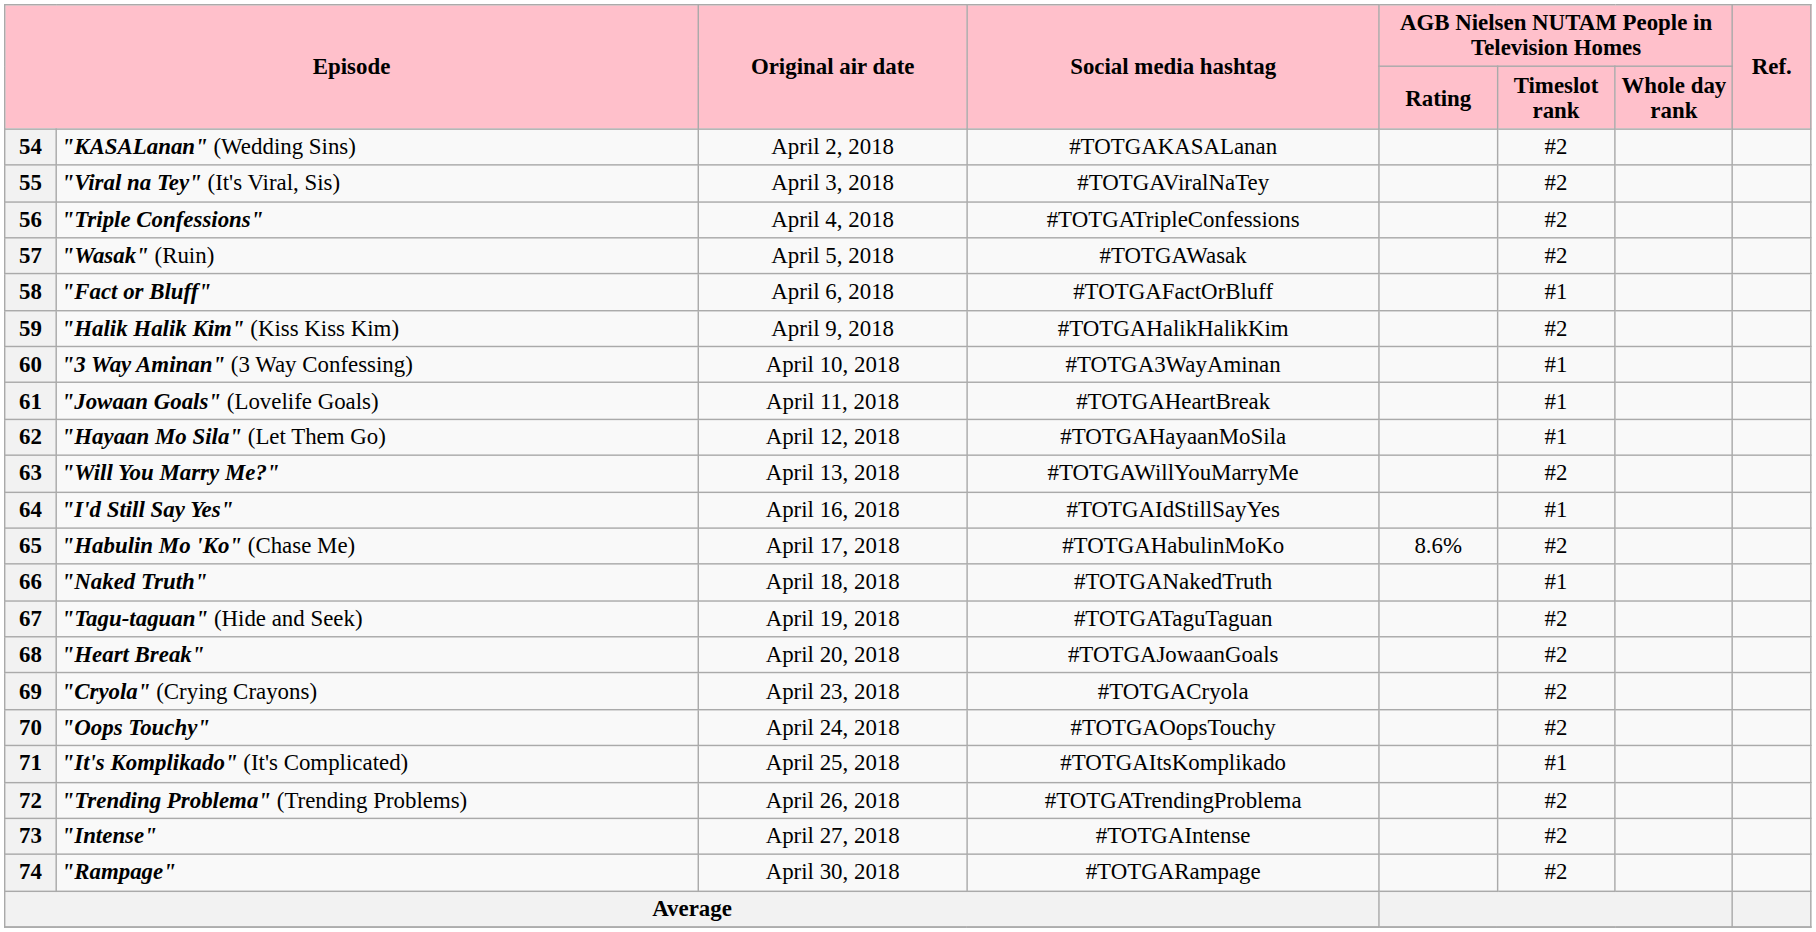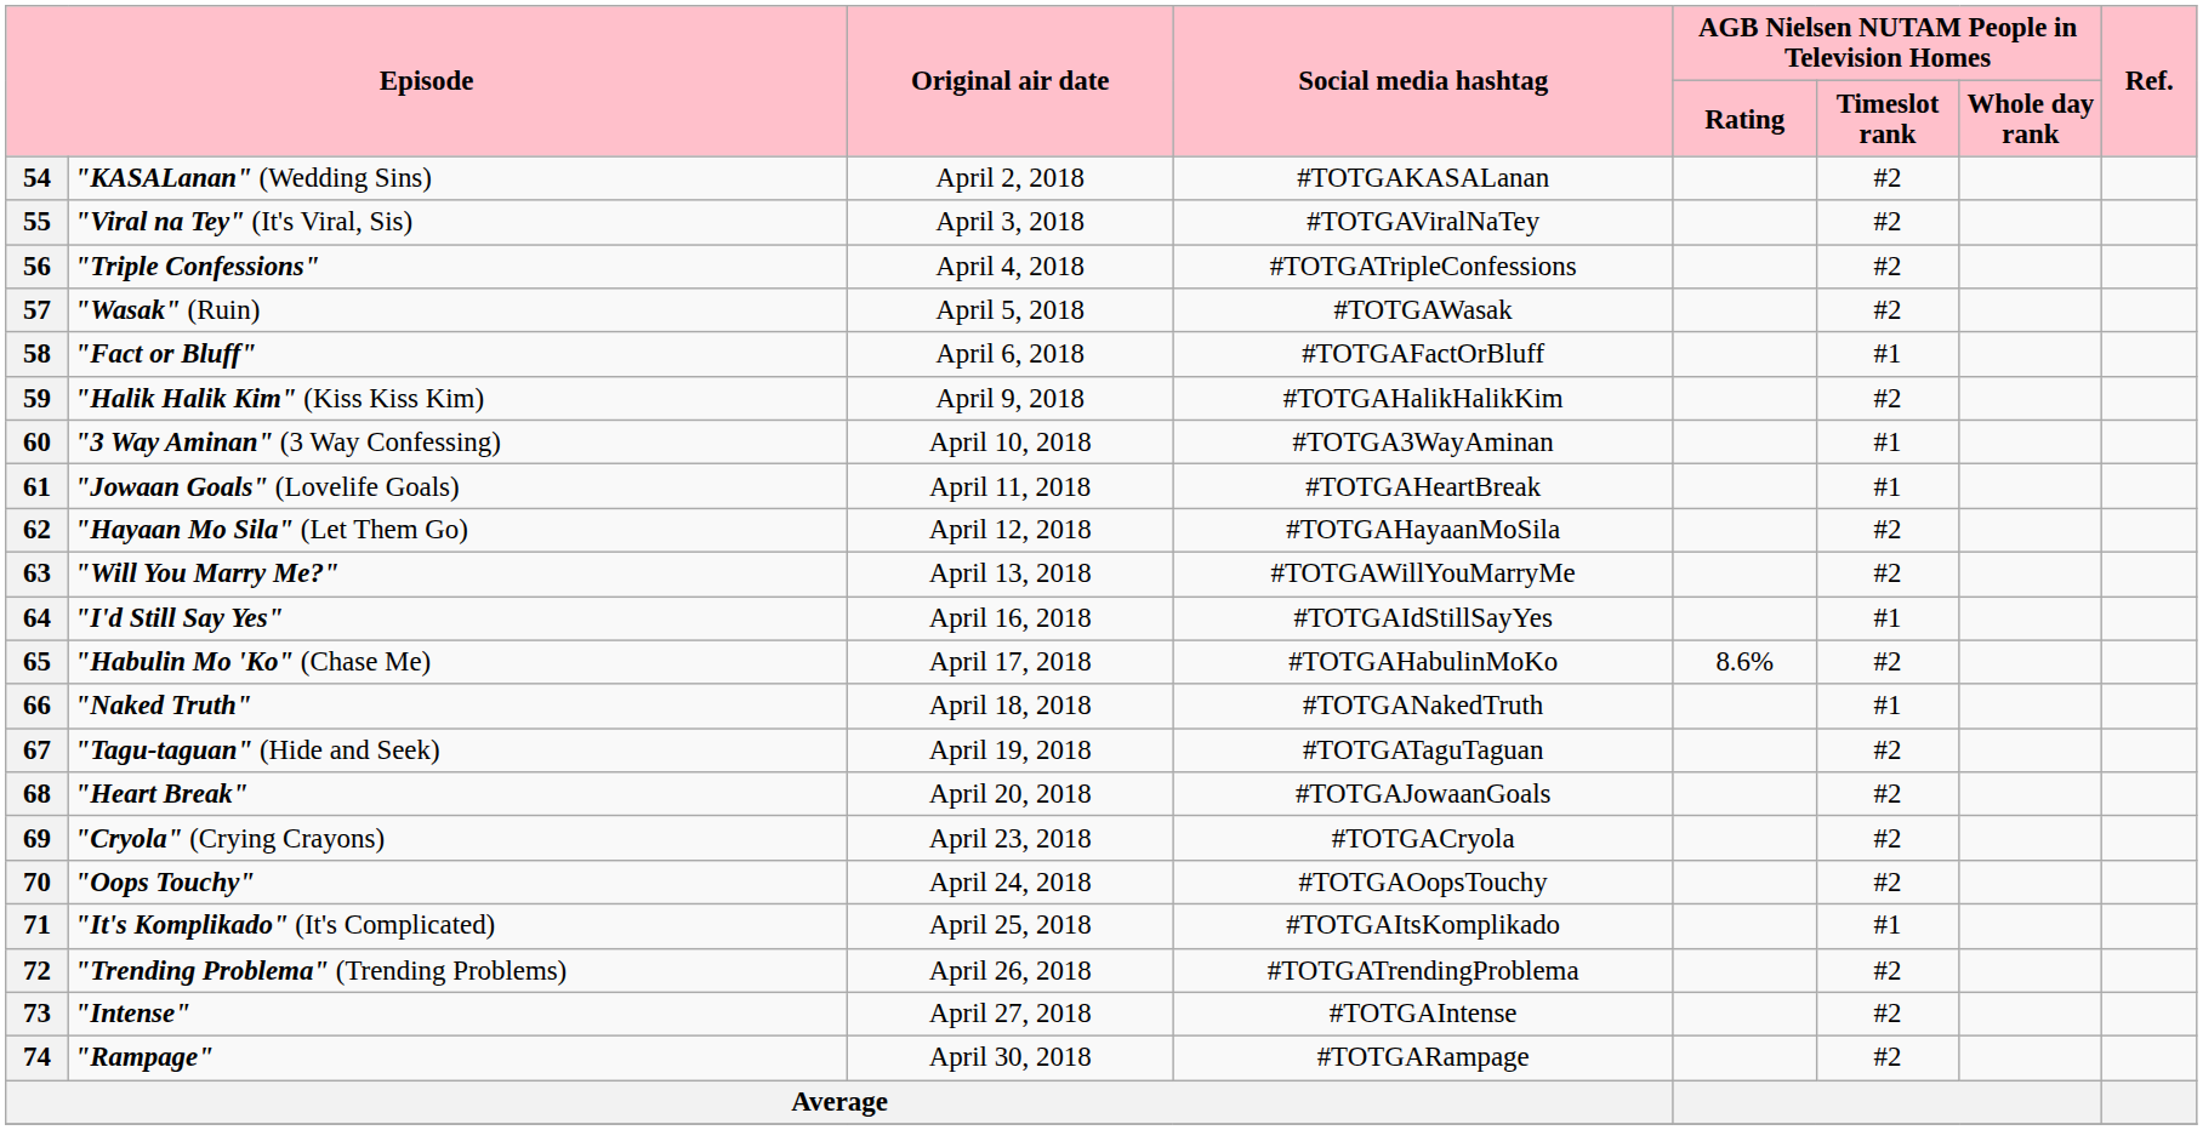 <table class="wikitable" style="text-align:center; font-size:100%; line-height:18px;" width="100%">
 <tr>
 <th style="background-color:#FFC0CB; color:#000000;" colspan="2" rowspan="2">Episode</th>
 <th style="background-color:#FFC0CB; color:black" rowspan="2">Original air date</th>
 <th style="background-color:#FFC0CB; color:black" rowspan="2">Social media hashtag</th>
 <th style="background-color:#FFC0CB; color:#000000;" colspan="3">AGB Nielsen NUTAM People in Television Homes</th>
 <th style="background-color:#FFC0CB; color:#000000;" rowspan="2">Ref.</th>
 </tr>
 <tr>
 <th style="background-color:#FFC0CB; width:75px; color:#000000;">Rating</th>
 <th style="background-color:#FFC0CB; width:75px; color:#000000;">Timeslot<br>rank</th>
 <th style="background-color:#FFC0CB; width:75px; color:#000000;">Whole day<br>rank</th>
 </tr>
 <tr>
 <th>54</th>
 <td style="text-align: left;"><strong><em>"KASALanan"</em></strong> (Wedding Sins)</td>
 <td>April 2, 2018</td>
 <td>#TOTGAKASALanan</td>
 <td></td>
 <td>#2</td>
 <td></td>
 <td></td>
 </tr>
 <tr>
 <th>55</th>
 <td style="text-align: left;"><strong><em>"Viral na Tey"</em></strong> (It's Viral, Sis)</td>
 <td>April 3, 2018</td>
 <td>#TOTGAViralNaTey</td>
 <td></td>
 <td>#2</td>
 <td></td>
 <td></td>
 </tr>
 <tr>
 <th>56</th>
 <td style="text-align: left;"><strong><em>"Triple Confessions"</em></strong></td>
 <td>April 4, 2018</td>
 <td>#TOTGATripleConfessions</td>
 <td></td>
 <td>#2</td>
 <td></td>
 <td></td>
 </tr>
 <tr>
 <th>57</th>
 <td style="text-align: left;"><strong><em>"Wasak"</em></strong> (Ruin)</td>
 <td>April 5, 2018</td>
 <td>#TOTGAWasak</td>
 <td></td>
 <td>#2</td>
 <td></td>
 <td></td>
 </tr>
 <tr>
 <th>58</th>
 <td style="text-align: left;"><strong><em>"Fact or Bluff"</em></strong></td>
 <td>April 6, 2018</td>
 <td>#TOTGAFactOrBluff</td>
 <td></td>
 <td>#1</td>
 <td></td>
 <td></td>
 </tr>
 <tr>
 <th>59</th>
 <td style="text-align: left;"><strong><em>"Halik Halik Kim"</em></strong> (Kiss Kiss Kim)</td>
 <td>April 9, 2018</td>
 <td>#TOTGAHalikHalikKim</td>
 <td></td>
 <td>#2</td>
 <td></td>
 <td></td>
 </tr>
 <tr>
 <th>60</th>
 <td style="text-align: left;"><strong><em>"3 Way Aminan"</em></strong> (3 Way Confessing)</td>
 <td>April 10, 2018</td>
 <td>#TOTGA3WayAminan</td>
 <td></td>
 <td>#1</td>
 <td></td>
 <td></td>
 </tr>
 <tr>
 <th>61</th>
 <td style="text-align: left;"><strong><em>"Jowaan Goals"</em></strong> (Lovelife Goals)</td>
 <td>April 11, 2018</td>
 <td>#TOTGAHeartBreak</td>
 <td></td>
 <td>#1</td>
 <td></td>
 <td></td>
 </tr>
 <tr>
 <th>62</th>
 <td style="text-align: left;"><strong><em>"Hayaan Mo Sila"</em></strong> (Let Them Go)</td>
 <td>April 12, 2018</td>
 <td>#TOTGAHayaanMoSila</td>
 <td></td>
-<td>#1</td>
+<td>#2</td>
 <td></td>
 <td></td>
 </tr>
 <tr>
 <th>63</th>
 <td style="text-align: left;"><strong><em>"Will You Marry Me?"</em></strong></td>
 <td>April 13, 2018</td>
 <td>#TOTGAWillYouMarryMe</td>
 <td></td>
 <td>#2</td>
 <td></td>
 <td></td>
 </tr>
 <tr>
 <th>64</th>
 <td style="text-align: left;"><strong><em>"I'd Still Say Yes"</em></strong></td>
 <td>April 16, 2018</td>
 <td>#TOTGAIdStillSayYes</td>
 <td></td>
 <td>#1</td>
 <td></td>
 <td></td>
 </tr>
 <tr>
 <th>65</th>
 <td style="text-align: left;"><strong><em>"Habulin Mo 'Ko"</em></strong> (Chase Me)</td>
 <td>April 17, 2018</td>
 <td>#TOTGAHabulinMoKo</td>
 <td>8.6%</td>
 <td>#2</td>
 <td></td>
 <td></td>
 </tr>
 <tr>
 <th>66</th>
 <td style="text-align: left;"><strong><em>"Naked Truth"</em></strong></td>
 <td>April 18, 2018</td>
 <td>#TOTGANakedTruth</td>
 <td></td>
 <td>#1</td>
 <td></td>
 <td></td>
 </tr>
 <tr>
 <th>67</th>
 <td style="text-align: left;"><strong><em>"Tagu-taguan"</em></strong> (Hide and Seek)</td>
 <td>April 19, 2018</td>
 <td>#TOTGATaguTaguan</td>
 <td></td>
 <td>#2</td>
 <td></td>
 <td></td>
 </tr>
 <tr>
 <th>68</th>
 <td style="text-align: left;"><strong><em>"Heart Break"</em></strong></td>
 <td>April 20, 2018</td>
 <td>#TOTGAJowaanGoals</td>
 <td></td>
 <td>#2</td>
 <td></td>
 <td></td>
 </tr>
 <tr>
 <th>69</th>
 <td style="text-align: left;"><strong><em>"Cryola"</em></strong> (Crying Crayons)</td>
 <td>April 23, 2018</td>
 <td>#TOTGACryola</td>
 <td></td>
 <td>#2</td>
 <td></td>
 <td></td>
 </tr>
 <tr>
 <th>70</th>
 <td style="text-align: left;"><strong><em>"Oops Touchy"</em></strong></td>
 <td>April 24, 2018</td>
 <td>#TOTGAOopsTouchy</td>
 <td></td>
 <td>#2</td>
 <td></td>
 <td></td>
 </tr>
 <tr>
 <th>71</th>
 <td style="text-align: left;"><strong><em>"It's Komplikado"</em></strong> (It's Complicated)</td>
 <td>April 25, 2018</td>
 <td>#TOTGAItsKomplikado</td>
 <td></td>
 <td>#1</td>
 <td></td>
 <td></td>
 </tr>
 <tr>
 <th>72</th>
 <td style="text-align: left;"><strong><em>"Trending Problema"</em></strong> (Trending Problems)</td>
 <td>April 26, 2018</td>
 <td>#TOTGATrendingProblema</td>
 <td></td>
 <td>#2</td>
 <td></td>
 <td></td>
 </tr>
 <tr>
 <th>73</th>
 <td style="text-align: left;"><strong><em>"Intense"</em></strong></td>
 <td>April 27, 2018</td>
 <td>#TOTGAIntense</td>
 <td></td>
 <td>#2</td>
 <td></td>
 <td></td>
 </tr>
 <tr>
 <th>74</th>
 <td style="text-align: left;"><strong><em>"Rampage"</em></strong></td>
 <td>April 30, 2018</td>
 <td>#TOTGARampage</td>
 <td></td>
 <td>#2</td>
 <td></td>
 <td></td>
 </tr>
 <tr>
 <th colspan="4">Average</th>
 <th colspan="3"></th>
 <th></th>
 </tr>
 <tr>
 </tr>
 </table>
